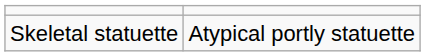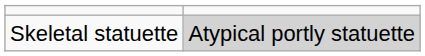 <table class="wikitable" align="right">
 <tr caption="Wood carving">
 <td></td>
 <td></td>
 </tr>
 <tr>
 <td>Skeletal statuette</td>
-<td>Atypical portly statuette</td>
+<td style="background: lightgrey;">Atypical portly statuette</td>
 </tr>
 </table>
